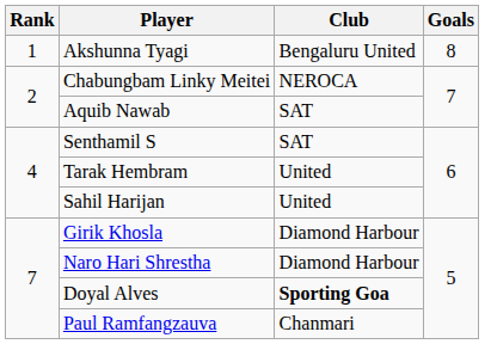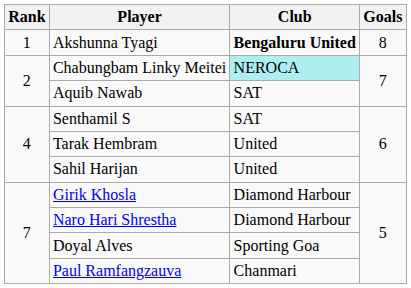 <table class="wikitable sortable" style="text-align:center">
 <tr>
 <th>Rank</th>
 <th>Player</th>
 <th>Club</th>
 <th>Goals</th>
 </tr>
 <tr>
 <td>1</td>
 <td align="left"> Akshunna Tyagi</td>
-<td align="left">Bengaluru United</td>
+<td align="left"><strong>Bengaluru United</strong></td>
 <td>8</td>
 </tr>
 <tr>
 <td rowspan="2">2</td>
 <td align="left"> Chabungbam Linky Meitei</td>
-<td align="left">NEROCA</td>
+<td align="left" style="background: paleturquoise;">NEROCA</td>
 <td rowspan="2">7</td>
 </tr>
 <tr>
 <td align="left"> Aquib Nawab</td>
 <td align="left">SAT</td>
 </tr>
 <tr>
 <td rowspan="3">4</td>
 <td align="left"> Senthamil S</td>
 <td align="left">SAT</td>
 <td rowspan="3">6</td>
 </tr>
 <tr>
 <td align="left"> Tarak Hembram</td>
 <td align="left">United</td>
 </tr>
 <tr>
 <td align="left"> Sahil Harijan</td>
 <td align="left">United</td>
 </tr>
 <tr>
 <td rowspan="4">7</td>
 <td align="left"> <a href='#'>Girik Khosla</a></td>
 <td align="left">Diamond Harbour</td>
 <td rowspan="4">5</td>
 </tr>
 <tr>
 <td align="left"> <a href='#'>Naro Hari Shrestha</a></td>
 <td align="left">Diamond Harbour</td>
 </tr>
 <tr>
 <td align="left"> Doyal Alves</td>
-<td align="left"><strong>Sporting Goa</strong></td>
+<td align="left">Sporting Goa</td>
 </tr>
 <tr>
 <td align="left"> <a href='#'>Paul Ramfangzauva</a></td>
 <td align="left">Chanmari</td>
 </tr>
 </table>
